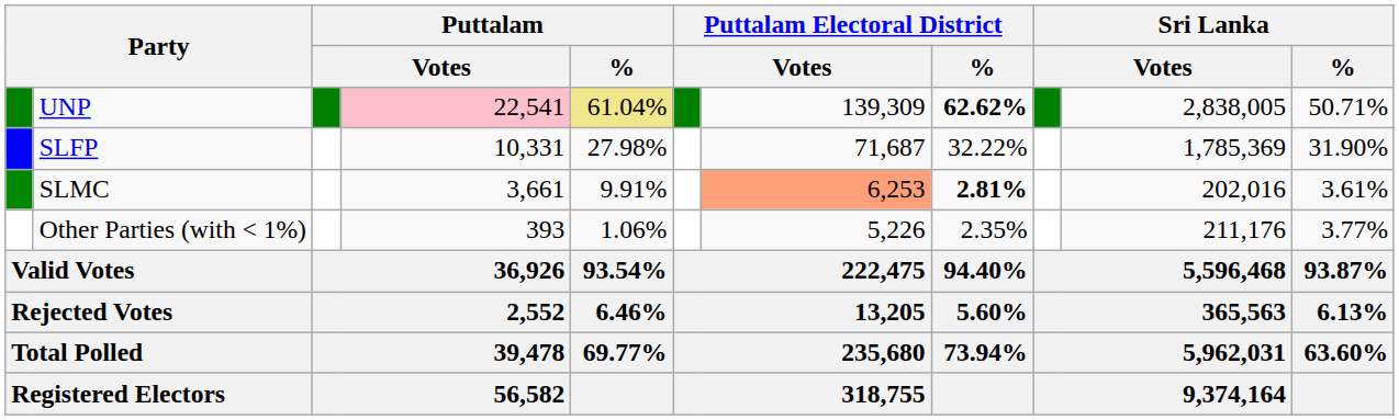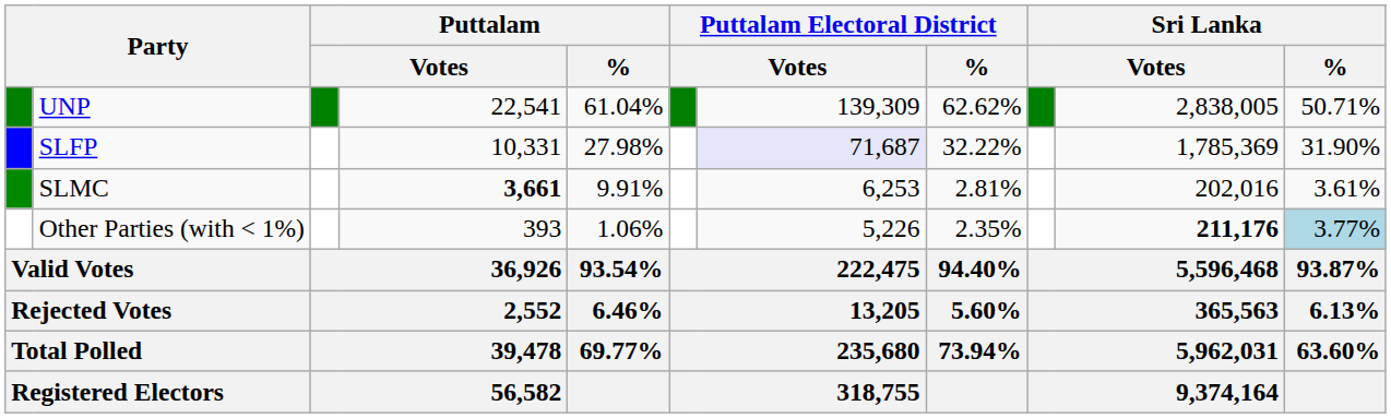 <table class="wikitable">
 <tr>
 <th colspan="2" width="144px"rowspan="2">Party</th>
 <th colspan="3" width="216px">Puttalam</th>
 <th colspan="3" width="216px"><a href='#'>Puttalam Electoral District</a></th>
 <th colspan="3" width="216px">Sri Lanka</th>
 </tr>
 <tr>
 <th colspan="2" width="144px">Votes</th>
 <th>%</th>
 <th colspan="2" width="144px">Votes</th>
 <th>%</th>
 <th colspan="2" width="144px">Votes</th>
 <th>%</th>
 </tr>
 <tr>
 <td style="background-color:green;" width="10px"></td>
 <td style="text-align:left;"><a href='#'>UNP</a></td>
 <td style="background-color:green;" width="10px"></td>
-<td style="background: pink; text-align:right;">22,541</td>
-<td style="background: khaki; text-align:right;">61.04%</td>
+<td style="text-align:right;">22,541</td>
+<td style="text-align:right;">61.04%</td>
 <td style="background-color:green;" width="10px"></td>
 <td style="text-align:right;">139,309</td>
-<td style="text-align:right;"><strong>62.62%</strong></td>
+<td style="text-align:right;">62.62%</td>
 <td style="background-color:green;" width="10px"></td>
 <td style="text-align:right;">2,838,005</td>
 <td style="text-align:right;">50.71%</td>
 </tr>
 <tr>
 <td style="background-color:blue;" width="10px"></td>
 <td style="text-align:left;"><a href='#'>SLFP</a></td>
 <td style="background-color:white;" width="10px"></td>
 <td style="text-align:right;">10,331</td>
 <td style="text-align:right;">27.98%</td>
 <td style="background-color:white;" width="10px"></td>
-<td style="text-align:right;">71,687</td>
+<td style="background: lavender; text-align:right;">71,687</td>
 <td style="text-align:right;">32.22%</td>
 <td style="background-color:white;" width="10px"></td>
 <td style="text-align:right;">1,785,369</td>
 <td style="text-align:right;">31.90%</td>
 </tr>
 <tr>
 <td style="background-color:#008800;" width="10px"></td>
 <td style="text-align:left;">SLMC</td>
 <td style="background-color:white;" width="10px"></td>
-<td style="text-align:right;">3,661</td>
+<td style="text-align:right;"><strong>3,661</strong></td>
 <td style="text-align:right;">9.91%</td>
 <td style="background-color:white;" width="10px"></td>
-<td style="background: lightsalmon; text-align:right;">6,253</td>
-<td style="text-align:right;"><strong>2.81%</strong></td>
+<td style="text-align:right;">6,253</td>
+<td style="text-align:right;">2.81%</td>
 <td style="background-color:white;" width="10px"></td>
 <td style="text-align:right;">202,016</td>
 <td style="text-align:right;">3.61%</td>
 </tr>
 <tr>
 <td style="background-color:white;" width="10px"></td>
 <td style="text-align:left;">Other Parties (with < 1%)</td>
 <td style="background-color:white;" width="10px"></td>
 <td style="text-align:right;">393</td>
 <td style="text-align:right;">1.06%</td>
 <td style="background-color:white;" width="10px"></td>
 <td style="text-align:right;">5,226</td>
 <td style="text-align:right;">2.35%</td>
 <td style="background-color:white;" width="10px"></td>
-<td style="text-align:right;">211,176</td>
-<td style="text-align:right;">3.77%</td>
+<td style="text-align:right;"><strong>211,176</strong></td>
+<td style="background: lightblue; text-align:right;">3.77%</td>
 </tr>
 <tr>
 <th colspan="2" width="144px"style="text-align:left;">Valid Votes</th>
 <th style="text-align:right;"colspan="2" width="144px">36,926</th>
 <th style="text-align:right;">93.54%</th>
 <th style="text-align:right;"colspan="2" width="144px">222,475</th>
 <th style="text-align:right;">94.40%</th>
 <th style="text-align:right;"colspan="2" width="144px">5,596,468</th>
 <th style="text-align:right;">93.87%</th>
 </tr>
 <tr>
 <th colspan="2" width="144px"style="text-align:left;">Rejected Votes</th>
 <th style="text-align:right;"colspan="2" width="144px">2,552</th>
 <th style="text-align:right;">6.46%</th>
 <th style="text-align:right;"colspan="2" width="144px">13,205</th>
 <th style="text-align:right;">5.60%</th>
 <th style="text-align:right;"colspan="2" width="144px">365,563</th>
 <th style="text-align:right;">6.13%</th>
 </tr>
 <tr>
 <th colspan="2" width="144px"style="text-align:left;">Total Polled</th>
 <th style="text-align:right;"colspan="2" width="144px">39,478</th>
 <th style="text-align:right;">69.77%</th>
 <th style="text-align:right;"colspan="2" width="144px">235,680</th>
 <th style="text-align:right;">73.94%</th>
 <th style="text-align:right;"colspan="2" width="144px">5,962,031</th>
 <th style="text-align:right;">63.60%</th>
 </tr>
 <tr>
 <th colspan="2" width="144px"style="text-align:left;">Registered Electors</th>
 <th style="text-align:right;"colspan="2" width="144px">56,582</th>
 <th></th>
 <th style="text-align:right;"colspan="2" width="144px">318,755</th>
 <th></th>
 <th style="text-align:right;"colspan="2" width="144px">9,374,164</th>
 <th></th>
 </tr>
 </table>
